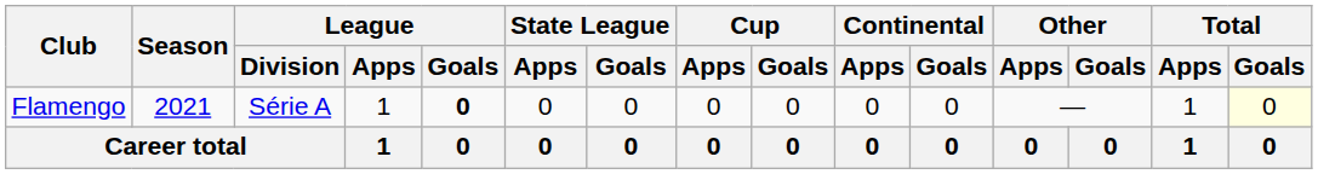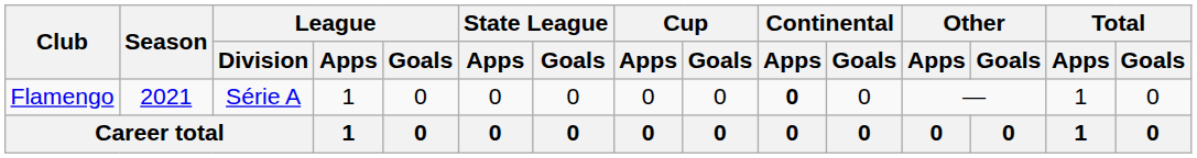 <table class="wikitable" style="text-align: center">
 <tr>
 <th rowspan="2">Club</th>
 <th rowspan="2">Season</th>
 <th colspan="3">League</th>
 <th colspan="2">State League</th>
 <th colspan="2">Cup</th>
 <th colspan="2">Continental</th>
 <th colspan="2">Other</th>
 <th colspan="2">Total</th>
 </tr>
 <tr>
 <th>Division</th>
 <th>Apps</th>
 <th>Goals</th>
 <th>Apps</th>
 <th>Goals</th>
 <th>Apps</th>
 <th>Goals</th>
 <th>Apps</th>
 <th>Goals</th>
 <th>Apps</th>
 <th>Goals</th>
 <th>Apps</th>
 <th>Goals</th>
 </tr>
 <tr>
 <td><a href='#'>Flamengo</a></td>
 <td><a href='#'>2021</a></td>
 <td><a href='#'>Série A</a></td>
 <td>1</td>
-<td><strong>0</strong></td>
 <td>0</td>
 <td>0</td>
 <td>0</td>
 <td>0</td>
 <td>0</td>
+<td><strong>0</strong></td>
 <td>0</td>
 <td colspan="2">—</td>
 <td>1</td>
-<td style="background: lightyellow;">0</td>
+<td>0</td>
 </tr>
 <tr>
 <th colspan="3"><strong>Career total</strong></th>
 <th>1</th>
 <th>0</th>
 <th>0</th>
 <th>0</th>
 <th>0</th>
 <th>0</th>
 <th>0</th>
 <th>0</th>
 <th>0</th>
 <th>0</th>
 <th>1</th>
 <th>0</th>
 </tr>
 </table>
